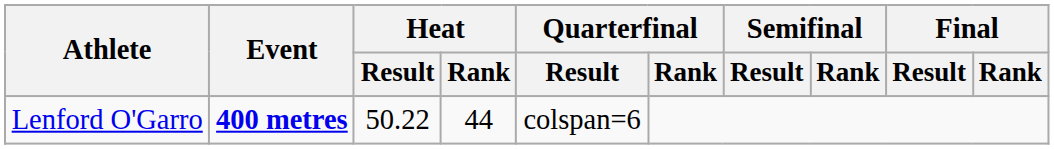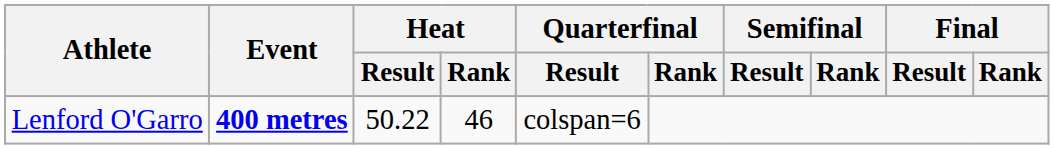 <table class=wikitable style=font-size:90%>
 <tr>
 <th rowspan=2>Athlete</th>
 <th rowspan=2>Event</th>
 <th colspan=2>Heat</th>
 <th colspan=2>Quarterfinal</th>
 <th colspan=2>Semifinal</th>
 <th colspan=2>Final</th>
 </tr>
 <tr style=font-size:95%>
 <th>Result</th>
 <th>Rank</th>
 <th>Result</th>
 <th>Rank</th>
 <th>Result</th>
 <th>Rank</th>
 <th>Result</th>
 <th>Rank</th>
 </tr>
 <tr align=center>
 <td align=left><a href='#'>Lenford O'Garro</a></td>
 <td align=left><strong><a href='#'>400 metres</a></strong></td>
 <td>50.22</td>
-<td>44</td>
+<td>46</td>
 <td>colspan=6 </td>
 </tr>
 </table>
